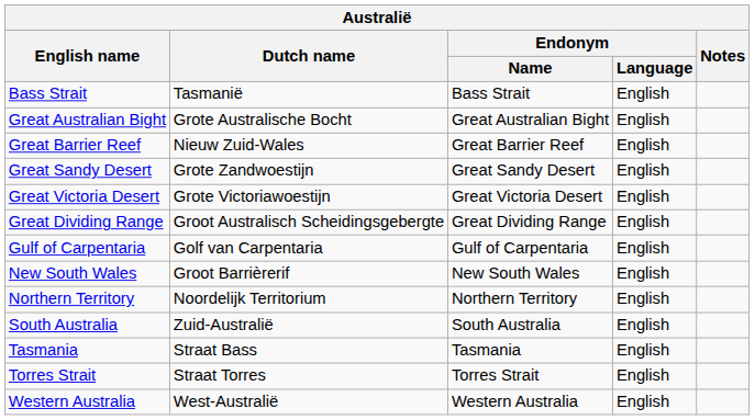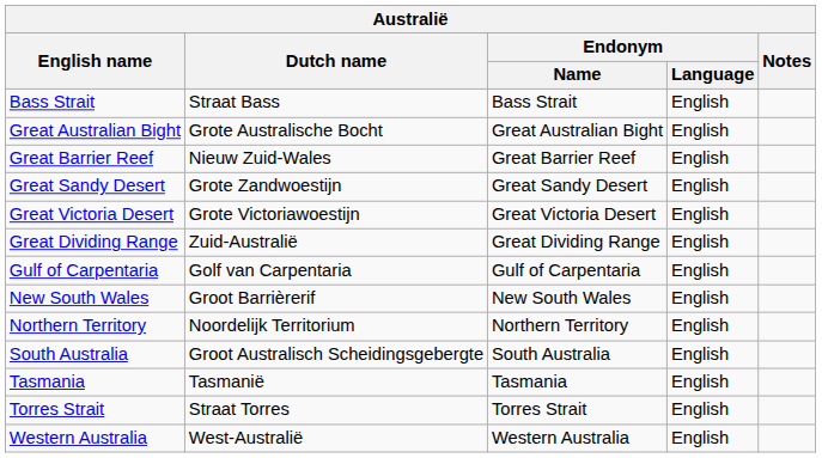 <table class="wikitable sortable">
 <tr>
 <th colspan="5"> Australië</th>
 </tr>
 <tr>
 <th rowspan="2">English name</th>
 <th rowspan="2">Dutch name</th>
 <th colspan="2">Endonym</th>
 <th rowspan="2">Notes</th>
 </tr>
 <tr>
 <th>Name</th>
 <th>Language</th>
 </tr>
 <tr>
 <td><a href='#'>Bass Strait</a></td>
-<td>Tasmanië</td>
+<td>Straat Bass</td>
 <td>Bass Strait</td>
 <td>English</td>
 <td></td>
 </tr>
 <tr>
 <td><a href='#'>Great Australian Bight</a></td>
 <td>Grote Australische Bocht</td>
 <td>Great Australian Bight</td>
 <td>English</td>
 <td></td>
 </tr>
 <tr>
 <td><a href='#'>Great Barrier Reef</a></td>
 <td>Nieuw Zuid-Wales</td>
 <td>Great Barrier Reef</td>
 <td>English</td>
 <td></td>
 </tr>
 <tr>
 <td><a href='#'>Great Sandy Desert</a></td>
 <td>Grote Zandwoestijn</td>
 <td>Great Sandy Desert</td>
 <td>English</td>
 <td></td>
 </tr>
 <tr>
 <td><a href='#'>Great Victoria Desert</a></td>
 <td>Grote Victoriawoestijn</td>
 <td>Great Victoria Desert</td>
 <td>English</td>
 <td></td>
 </tr>
 <tr>
 <td><a href='#'>Great Dividing Range</a></td>
-<td>Groot Australisch Scheidingsgebergte</td>
+<td>Zuid-Australië</td>
 <td>Great Dividing Range</td>
 <td>English</td>
 <td></td>
 </tr>
 <tr>
 <td><a href='#'>Gulf of Carpentaria</a></td>
 <td>Golf van Carpentaria</td>
 <td>Gulf of Carpentaria</td>
 <td>English</td>
 <td></td>
 </tr>
 <tr>
 <td><a href='#'>New South Wales</a></td>
 <td>Groot Barrièrerif</td>
 <td>New South Wales</td>
 <td>English</td>
 <td></td>
 </tr>
 <tr>
 <td><a href='#'>Northern Territory</a></td>
 <td>Noordelijk Territorium</td>
 <td>Northern Territory</td>
 <td>English</td>
 <td></td>
 </tr>
 <tr>
 <td><a href='#'>South Australia</a></td>
-<td>Zuid-Australië</td>
+<td>Groot Australisch Scheidingsgebergte</td>
 <td>South Australia</td>
 <td>English</td>
 <td></td>
 </tr>
 <tr>
 <td><a href='#'>Tasmania</a></td>
-<td>Straat Bass</td>
+<td>Tasmanië</td>
 <td>Tasmania</td>
 <td>English</td>
 <td></td>
 </tr>
 <tr>
 <td><a href='#'>Torres Strait</a></td>
 <td>Straat Torres</td>
 <td>Torres Strait</td>
 <td>English</td>
 <td></td>
 </tr>
 <tr>
 <td><a href='#'>Western Australia</a></td>
 <td>West-Australië</td>
 <td>Western Australia</td>
 <td>English</td>
 <td></td>
 </tr>
 </table>
